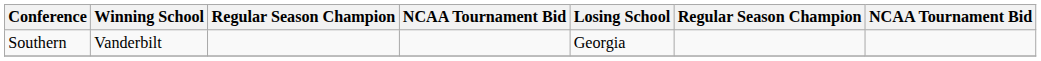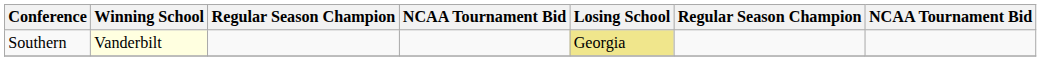 <table class="wikitable">
 <tr>
 <th>Conference</th>
 <th>Winning School</th>
 <th>Regular Season Champion</th>
 <th>NCAA Tournament Bid</th>
 <th>Losing School</th>
 <th>Regular Season Champion</th>
 <th>NCAA Tournament Bid</th>
 </tr>
 <tr>
 <td>Southern</td>
-<td>Vanderbilt</td>
+<td style="background: lightyellow;">Vanderbilt</td>
 <td></td>
 <td></td>
-<td>Georgia</td>
+<td style="background: khaki;">Georgia</td>
 <td></td>
 <td></td>
 </tr>
 <tr>
 </tr>
 </table>
